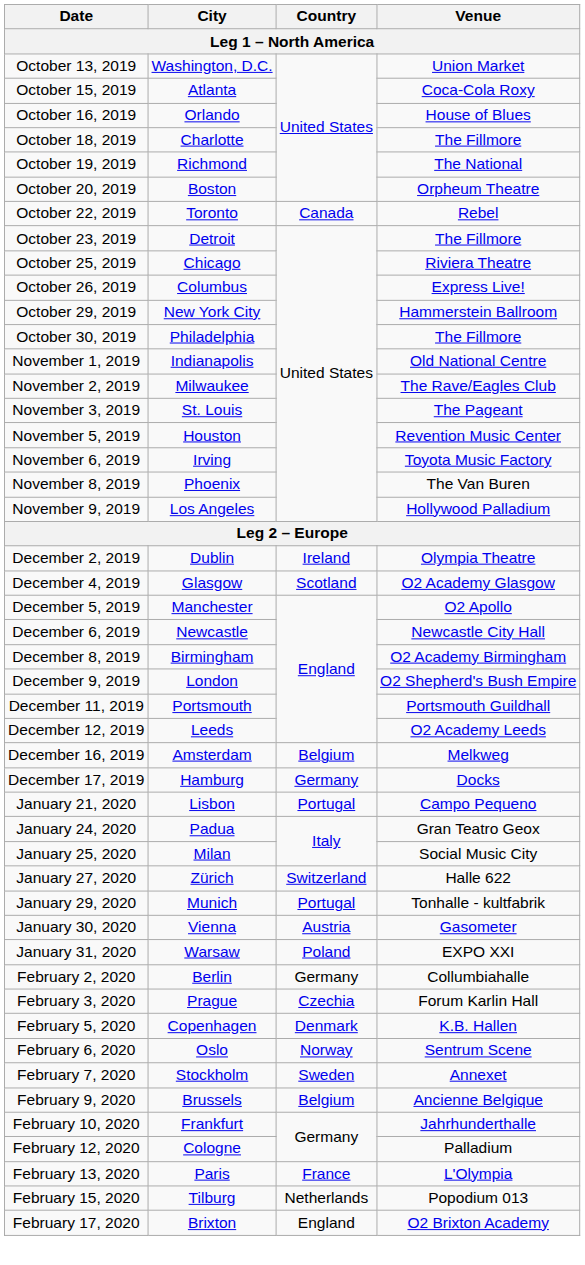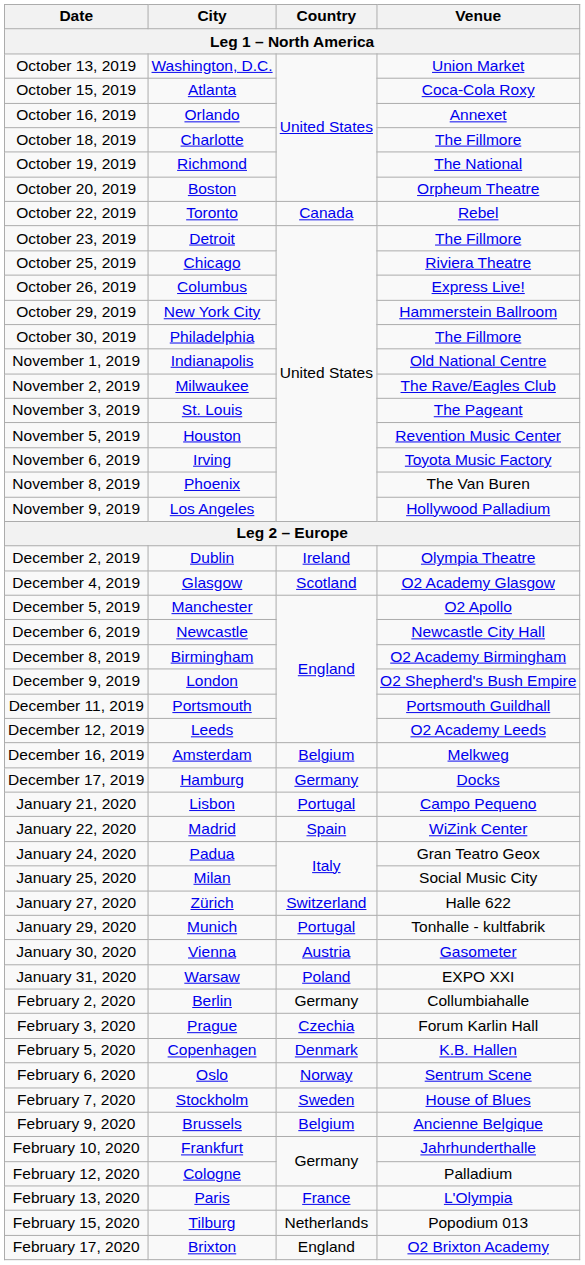 <table class="wikitable plainrowheaders" style="text-align:center;">
 <tr>
 <th scope="col">Date</th>
 <th scope="col">City</th>
 <th scope="col">Country</th>
 <th scope="col">Venue</th>
 </tr>
 <tr>
 <th colspan="4">Leg 1 – North America</th>
 </tr>
 <tr>
 <td>October 13, 2019</td>
 <td><a href='#'>Washington, D.C.</a></td>
 <td rowspan="6"><a href='#'>United States</a></td>
 <td><a href='#'>Union Market</a></td>
 </tr>
 <tr>
 <td>October 15, 2019</td>
 <td><a href='#'>Atlanta</a></td>
 <td><a href='#'>Coca-Cola Roxy</a></td>
 </tr>
 <tr>
 <td>October 16, 2019</td>
 <td><a href='#'>Orlando</a></td>
-<td><a href='#'>House of Blues</a></td>
+<td><a href='#'>Annexet</a></td>
 </tr>
 <tr>
 <td>October 18, 2019</td>
 <td><a href='#'>Charlotte</a></td>
 <td><a href='#'>The Fillmore</a></td>
 </tr>
 <tr>
 <td>October 19, 2019</td>
 <td><a href='#'>Richmond</a></td>
 <td><a href='#'>The National</a></td>
 </tr>
 <tr>
 <td>October 20, 2019</td>
 <td><a href='#'>Boston</a></td>
 <td><a href='#'>Orpheum Theatre</a></td>
 </tr>
 <tr>
 <td>October 22, 2019</td>
 <td><a href='#'>Toronto</a></td>
 <td><a href='#'>Canada</a></td>
 <td><a href='#'>Rebel</a></td>
 </tr>
 <tr>
 <td>October 23, 2019</td>
 <td><a href='#'>Detroit</a></td>
 <td rowspan="12">United States</td>
 <td><a href='#'>The Fillmore</a></td>
 </tr>
 <tr>
 <td>October 25, 2019</td>
 <td><a href='#'>Chicago</a></td>
 <td><a href='#'>Riviera Theatre</a></td>
 </tr>
 <tr>
 <td>October 26, 2019</td>
 <td><a href='#'>Columbus</a></td>
 <td><a href='#'>Express Live!</a></td>
 </tr>
 <tr>
 <td>October 29, 2019</td>
 <td><a href='#'>New York City</a></td>
 <td><a href='#'>Hammerstein Ballroom</a></td>
 </tr>
 <tr>
 <td>October 30, 2019</td>
 <td><a href='#'>Philadelphia</a></td>
 <td><a href='#'>The Fillmore</a></td>
 </tr>
 <tr>
 <td>November 1, 2019</td>
 <td><a href='#'>Indianapolis</a></td>
 <td><a href='#'>Old National Centre</a></td>
 </tr>
 <tr>
 <td>November 2, 2019</td>
 <td><a href='#'>Milwaukee</a></td>
 <td><a href='#'>The Rave/Eagles Club</a></td>
 </tr>
 <tr>
 <td>November 3, 2019</td>
 <td><a href='#'>St. Louis</a></td>
 <td><a href='#'>The Pageant</a></td>
 </tr>
 <tr>
 <td>November 5, 2019</td>
 <td><a href='#'>Houston</a></td>
 <td><a href='#'>Revention Music Center</a></td>
 </tr>
 <tr>
 <td>November 6, 2019</td>
 <td><a href='#'>Irving</a></td>
 <td><a href='#'>Toyota Music Factory</a></td>
 </tr>
 <tr>
 <td>November 8, 2019</td>
 <td><a href='#'>Phoenix</a></td>
 <td>The Van Buren</td>
 </tr>
 <tr>
 <td>November 9, 2019</td>
 <td><a href='#'>Los Angeles</a></td>
 <td><a href='#'>Hollywood Palladium</a></td>
 </tr>
 <tr>
 <th colspan="4"><strong>Leg 2 – Europe</strong></th>
 </tr>
 <tr>
 <td>December 2, 2019</td>
 <td><a href='#'>Dublin</a></td>
 <td><a href='#'>Ireland</a></td>
 <td><a href='#'>Olympia Theatre</a></td>
 </tr>
 <tr>
 <td>December 4, 2019</td>
 <td><a href='#'>Glasgow</a></td>
 <td><a href='#'>Scotland</a></td>
 <td><a href='#'>O2 Academy Glasgow</a></td>
 </tr>
 <tr>
 <td>December 5, 2019</td>
 <td><a href='#'>Manchester</a></td>
 <td rowspan="6"><a href='#'>England</a></td>
 <td><a href='#'>O2 Apollo</a></td>
 </tr>
 <tr>
 <td>December 6, 2019</td>
 <td><a href='#'>Newcastle</a></td>
 <td><a href='#'>Newcastle City Hall</a></td>
 </tr>
 <tr>
 <td>December 8, 2019</td>
 <td><a href='#'>Birmingham</a></td>
 <td><a href='#'>O2 Academy Birmingham</a></td>
 </tr>
 <tr>
 <td>December 9, 2019</td>
 <td><a href='#'>London</a></td>
 <td><a href='#'>O2 Shepherd's Bush Empire</a></td>
 </tr>
 <tr>
 <td>December 11, 2019</td>
 <td><a href='#'>Portsmouth</a></td>
 <td><a href='#'>Portsmouth Guildhall</a></td>
 </tr>
 <tr>
 <td>December 12, 2019</td>
 <td><a href='#'>Leeds</a></td>
 <td><a href='#'>O2 Academy Leeds</a></td>
 </tr>
 <tr>
 <td>December 16, 2019</td>
 <td><a href='#'>Amsterdam</a></td>
 <td><a href='#'>Belgium</a></td>
 <td><a href='#'>Melkweg</a></td>
 </tr>
 <tr>
 <td>December 17, 2019</td>
 <td><a href='#'>Hamburg</a></td>
 <td><a href='#'>Germany</a></td>
 <td><a href='#'>Docks</a></td>
 </tr>
 <tr>
 <td>January 21, 2020</td>
 <td><a href='#'>Lisbon</a></td>
 <td><a href='#'>Portugal</a></td>
 <td><a href='#'>Campo Pequeno</a></td>
 </tr>
 <tr>
+<td>January 22, 2020</td>
+<td><a href='#'>Madrid</a></td>
+<td><a href='#'>Spain</a></td>
+<td><a href='#'>WiZink Center</a></td>
+</tr>
+<tr>
 <td>January 24, 2020</td>
 <td><a href='#'>Padua</a></td>
 <td rowspan="2"><a href='#'>Italy</a></td>
 <td>Gran Teatro Geox</td>
 </tr>
 <tr>
 <td>January 25, 2020</td>
 <td><a href='#'>Milan</a></td>
 <td>Social Music City</td>
 </tr>
 <tr>
 <td>January 27, 2020</td>
 <td><a href='#'>Zürich</a></td>
 <td><a href='#'>Switzerland</a></td>
 <td>Halle 622</td>
 </tr>
 <tr>
 <td>January 29, 2020</td>
 <td><a href='#'>Munich</a></td>
 <td><a href='#'>Portugal</a></td>
 <td>Tonhalle - kultfabrik</td>
 </tr>
 <tr>
 <td>January 30, 2020</td>
 <td><a href='#'>Vienna</a></td>
 <td><a href='#'>Austria</a></td>
 <td><a href='#'>Gasometer</a></td>
 </tr>
 <tr>
 <td>January 31, 2020</td>
 <td><a href='#'>Warsaw</a></td>
 <td><a href='#'>Poland</a></td>
 <td>EXPO XXI</td>
 </tr>
 <tr>
 <td>February 2, 2020</td>
 <td><a href='#'>Berlin</a></td>
 <td>Germany</td>
 <td>Collumbiahalle</td>
 </tr>
 <tr>
 <td>February 3, 2020</td>
 <td><a href='#'>Prague</a></td>
 <td><a href='#'>Czechia</a></td>
 <td>Forum Karlin Hall</td>
 </tr>
 <tr>
 <td>February 5, 2020</td>
 <td><a href='#'>Copenhagen</a></td>
 <td><a href='#'>Denmark</a></td>
 <td><a href='#'>K.B. Hallen</a></td>
 </tr>
 <tr>
 <td>February 6, 2020</td>
 <td><a href='#'>Oslo</a></td>
 <td><a href='#'>Norway</a></td>
 <td><a href='#'>Sentrum Scene</a></td>
 </tr>
 <tr>
 <td>February 7, 2020</td>
 <td><a href='#'>Stockholm</a></td>
 <td><a href='#'>Sweden</a></td>
-<td><a href='#'>Annexet</a></td>
+<td><a href='#'>House of Blues</a></td>
 </tr>
 <tr>
 <td>February 9, 2020</td>
 <td><a href='#'>Brussels</a></td>
 <td><a href='#'>Belgium</a></td>
 <td><a href='#'>Ancienne Belgique</a></td>
 </tr>
 <tr>
 <td>February 10, 2020</td>
 <td><a href='#'>Frankfurt</a></td>
 <td rowspan="2">Germany</td>
 <td><a href='#'>Jahrhunderthalle</a></td>
 </tr>
 <tr>
 <td>February 12, 2020</td>
 <td><a href='#'>Cologne</a></td>
 <td>Palladium</td>
 </tr>
 <tr>
 <td>February 13, 2020</td>
 <td><a href='#'>Paris</a></td>
 <td><a href='#'>France</a></td>
 <td><a href='#'>L'Olympia</a></td>
 </tr>
 <tr>
 <td>February 15, 2020</td>
 <td><a href='#'>Tilburg</a></td>
 <td>Netherlands</td>
 <td>Popodium 013</td>
 </tr>
 <tr>
 <td>February 17, 2020</td>
 <td><a href='#'>Brixton</a></td>
 <td>England</td>
 <td><a href='#'>O2 Brixton Academy</a></td>
 </tr>
 </table>
